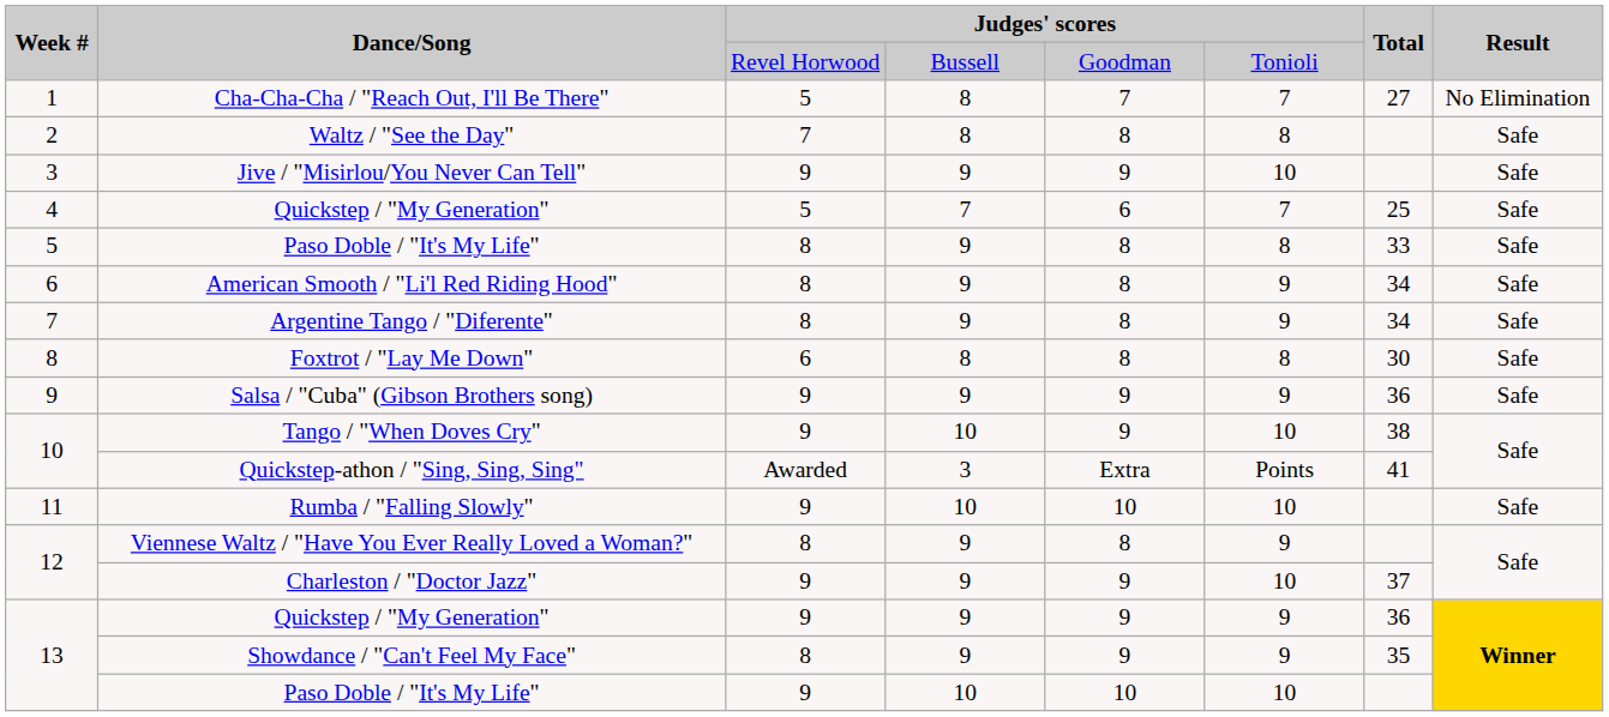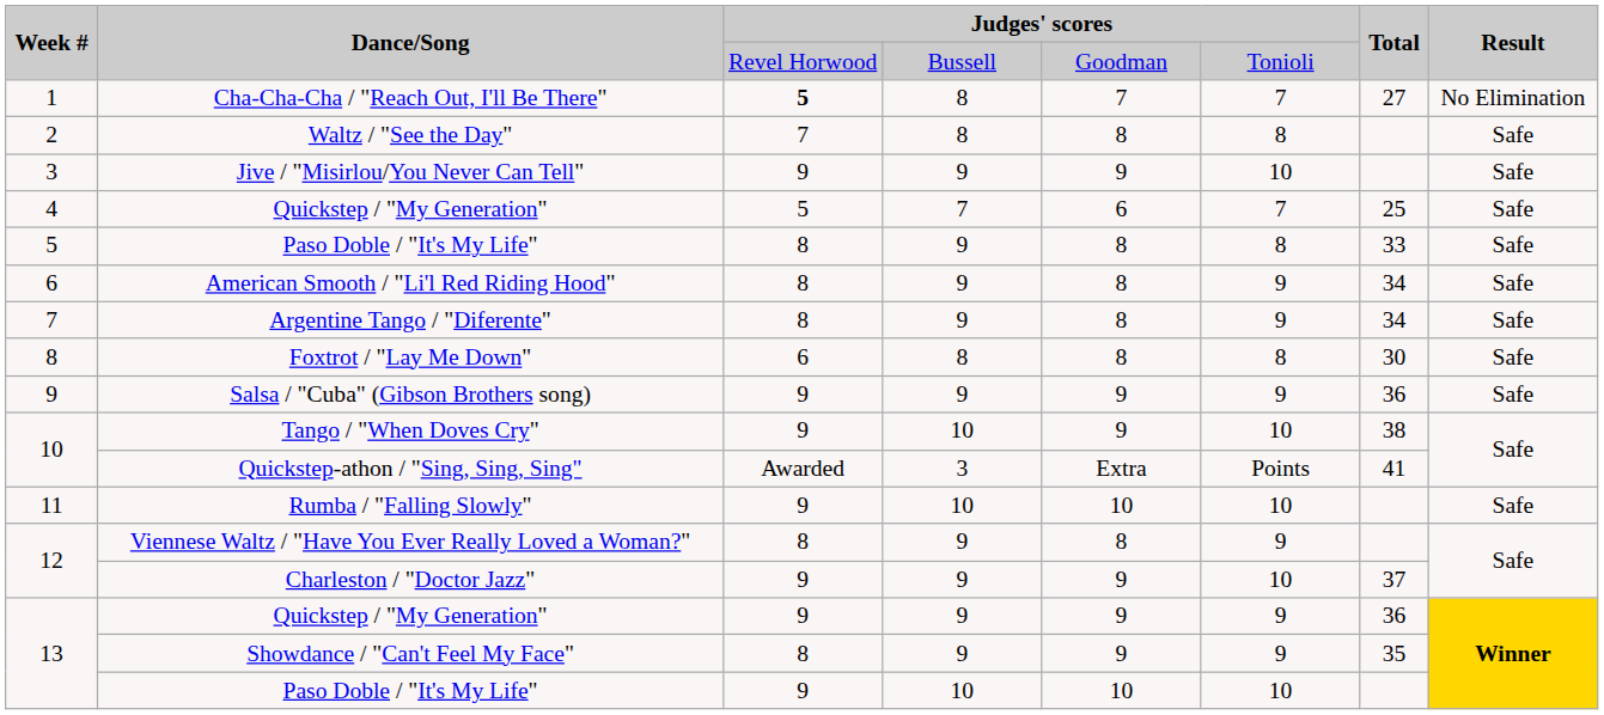 <table class="wikitable collapsible collapsed">
 <tr>
 <th rowspan="2"  style="background:#ccc; text-align:Center;"><strong>Week #</strong></th>
 <th rowspan="2"  style="background:#ccc; text-align:Center;"><strong>Dance</strong>/<strong>Song</strong></th>
 <th colspan="4"  style="background:#ccc; text-align:Center;"><strong>Judges' scores</strong></th>
 <th rowspan="2"  style="background:#ccc; text-align:Center;"><strong>Total</strong></th>
 <th rowspan="2"  style="background:#ccc; text-align:Center;"><strong>Result</strong></th>
 </tr>
 <tr>
 <td style="width:10%; background:#ccc; text-align:center;"><a href='#'>Revel Horwood</a></td>
 <td style="width:10%; background:#ccc; text-align:center;"><a href='#'>Bussell</a></td>
 <td style="width:10%; background:#ccc; text-align:center;"><a href='#'>Goodman</a></td>
 <td style="width:10%; background:#ccc; text-align:center;"><a href='#'>Tonioli</a></td>
 </tr>
 <tr>
 <td style="text-align:center; background:#faf6f6;">1</td>
 <td style="text-align:center; background:#faf6f6;"><a href='#'>Cha-Cha-Cha</a> / "<a href='#'>Reach Out, I'll Be There</a>"</td>
-<td style="text-align:center; background:#faf6f6;">5</td>
+<td style="text-align:center; background:#faf6f6;"><strong>5</strong></td>
 <td style="text-align:center; background:#faf6f6;">8</td>
 <td style="text-align:center; background:#faf6f6;">7</td>
 <td style="text-align:center; background:#faf6f6;">7</td>
 <td style="text-align:center; background:#faf6f6;">27</td>
 <td style="text-align:center; background:#faf6f6;">No Elimination</td>
 </tr>
 <tr style="text-align:center; background:#faf6f6;">
 <td>2</td>
 <td><a href='#'>Waltz</a> / "<a href='#'>See the Day</a>"</td>
 <td>7</td>
 <td>8</td>
 <td>8</td>
 <td>8</td>
 <td></td>
 <td>Safe</td>
 </tr>
 <tr>
 <td style="text-align:center; background:#faf6f6;">3</td>
 <td style="text-align:center; background:#faf6f6;"><a href='#'>Jive</a> / "<a href='#'>Misirlou</a>/<a href='#'>You Never Can Tell</a>"</td>
 <td style="text-align:center; background:#faf6f6;">9</td>
 <td style="text-align:center; background:#faf6f6;">9</td>
 <td style="text-align:center; background:#faf6f6;">9</td>
 <td style="text-align:center; background:#faf6f6;">10</td>
 <td style="text-align:center; background:#faf6f6;"></td>
 <td style="text-align:center; background:#faf6f6;">Safe</td>
 </tr>
 <tr style="text-align:center; background:#faf6f6;">
 <td>4</td>
 <td><a href='#'>Quickstep</a> / "<a href='#'>My Generation</a>"</td>
 <td>5</td>
 <td>7</td>
 <td>6</td>
 <td>7</td>
 <td>25</td>
 <td>Safe</td>
 </tr>
 <tr>
 <td style="text-align:center; background:#faf6f6;">5</td>
 <td style="text-align:center; background:#faf6f6;"><a href='#'>Paso Doble</a> / "<a href='#'>It's My Life</a>"</td>
 <td style="text-align:center; background:#faf6f6;">8</td>
 <td style="text-align:center; background:#faf6f6;">9</td>
 <td style="text-align:center; background:#faf6f6;">8</td>
 <td style="text-align:center; background:#faf6f6;">8</td>
 <td style="text-align:center; background:#faf6f6;">33</td>
 <td style="text-align:center; background:#faf6f6;">Safe</td>
 </tr>
 <tr style="text-align:center; background:#faf6f6;">
 <td>6</td>
 <td><a href='#'>American Smooth</a> / "<a href='#'>Li'l Red Riding Hood</a>"</td>
 <td>8</td>
 <td>9</td>
 <td>8</td>
 <td>9</td>
 <td>34</td>
 <td>Safe</td>
 </tr>
 <tr>
 <td style="text-align:center; background:#faf6f6;">7</td>
 <td style="text-align:center; background:#faf6f6;"><a href='#'>Argentine Tango</a> / "<a href='#'>Diferente</a>"</td>
 <td style="text-align:center; background:#faf6f6;">8</td>
 <td style="text-align:center; background:#faf6f6;">9</td>
 <td style="text-align:center; background:#faf6f6;">8</td>
 <td style="text-align:center; background:#faf6f6;">9</td>
 <td style="text-align:center; background:#faf6f6;">34</td>
 <td style="text-align:center; background:#faf6f6;">Safe</td>
 </tr>
 <tr>
 <td style="text-align:center; background:#faf6f6;">8</td>
 <td style="text-align:center; background:#faf6f6;"><a href='#'>Foxtrot</a> / "<a href='#'>Lay Me Down</a>"</td>
 <td style="text-align:center; background:#faf6f6;">6</td>
 <td style="text-align:center; background:#faf6f6;">8</td>
 <td style="text-align:center; background:#faf6f6;">8</td>
 <td style="text-align:center; background:#faf6f6;">8</td>
 <td style="text-align:center; background:#faf6f6;">30</td>
 <td style="text-align:center; background:#faf6f6;">Safe</td>
 </tr>
 <tr>
 <td style="text-align:center; background:#faf6f6;">9</td>
 <td style="text-align:center; background:#faf6f6;"><a href='#'>Salsa</a> / "Cuba" (<a href='#'>Gibson Brothers</a> song)</td>
 <td style="text-align:center; background:#faf6f6;">9</td>
 <td style="text-align:center; background:#faf6f6;">9</td>
 <td style="text-align:center; background:#faf6f6;">9</td>
 <td style="text-align:center; background:#faf6f6;">9</td>
 <td style="text-align:center; background:#faf6f6;">36</td>
 <td style="text-align:center; background:#faf6f6;">Safe</td>
 </tr>
 <tr>
 <td style="text-align:center; background:#faf6f6;" rowspan="2">10</td>
 <td style="text-align:center; background:#faf6f6;"><a href='#'>Tango</a> / "<a href='#'>When Doves Cry</a>"</td>
 <td style="text-align:center; background:#faf6f6;">9</td>
 <td style="text-align:center; background:#faf6f6;">10</td>
 <td style="text-align:center; background:#faf6f6;">9</td>
 <td style="text-align:center; background:#faf6f6;">10</td>
 <td style="text-align:center; background:#faf6f6;">38</td>
 <td style="text-align:center; background:#faf6f6;" rowspan="2">Safe</td>
 </tr>
 <tr>
 <td style="text-align:center; background:#faf6f6;"><a href='#'>Quickstep</a>-athon / "<a href='#'>Sing, Sing, Sing"</a></td>
 <td style="text-align:center; background:#faf6f6;">Awarded</td>
 <td style="text-align:center; background:#faf6f6;">3</td>
 <td style="text-align:center; background:#faf6f6;">Extra</td>
 <td style="text-align:center; background:#faf6f6;">Points</td>
 <td style="text-align:center; background:#faf6f6;">41</td>
 </tr>
 <tr>
 <td style="text-align:center; background:#faf6f6;">11</td>
 <td style="text-align:center; background:#faf6f6;"><a href='#'>Rumba</a> / "<a href='#'>Falling Slowly</a>"</td>
 <td style="text-align:center; background:#faf6f6;">9</td>
 <td style="text-align:center; background:#faf6f6;">10</td>
 <td style="text-align:center; background:#faf6f6;">10</td>
 <td style="text-align:center; background:#faf6f6;">10</td>
 <td style="text-align:center; background:#faf6f6;"></td>
 <td style="text-align:center; background:#faf6f6;">Safe</td>
 </tr>
 <tr>
 <td style="text-align:center; background:#faf6f6;" rowspan="2">12</td>
 <td style="text-align:center; background:#faf6f6;"><a href='#'>Viennese Waltz</a> / "<a href='#'>Have You Ever Really Loved a Woman?</a>"</td>
 <td style="text-align:center; background:#faf6f6;">8</td>
 <td style="text-align:center; background:#faf6f6;">9</td>
 <td style="text-align:center; background:#faf6f6;">8</td>
 <td style="text-align:center; background:#faf6f6;">9</td>
 <td style="text-align:center; background:#faf6f6;"></td>
 <td style="text-align:center; background:#faf6f6;" rowspan="2">Safe</td>
 </tr>
 <tr>
 <td style="text-align:center; background:#faf6f6;"><a href='#'>Charleston</a> / "<a href='#'>Doctor Jazz</a>"</td>
 <td style="text-align:center; background:#faf6f6;">9</td>
 <td style="text-align:center; background:#faf6f6;">9</td>
 <td style="text-align:center; background:#faf6f6;">9</td>
 <td style="text-align:center; background:#faf6f6;">10</td>
 <td style="text-align:center; background:#faf6f6;">37</td>
 </tr>
 <tr style="text-align:center;">
 <td style="background:#faf6f6;" rowspan="3">13</td>
 <td style="background:#faf6f6;"><a href='#'>Quickstep</a> / "<a href='#'>My Generation</a>"</td>
 <td style="background:#faf6f6;">9</td>
 <td style="background:#faf6f6;">9</td>
 <td style="background:#faf6f6;">9</td>
 <td style="background:#faf6f6;">9</td>
 <td style="background:#faf6f6;">36</td>
 <td rowspan="3" style="background-color:#faf6f6; background-color:gold;"><strong>Winner</strong></td>
 </tr>
 <tr>
 <td style="text-align:center; background:#faf6f6;"><a href='#'>Showdance</a> / "<a href='#'>Can't Feel My Face</a>"</td>
 <td style="text-align:center; background:#faf6f6;">8</td>
 <td style="text-align:center; background:#faf6f6;">9</td>
 <td style="text-align:center; background:#faf6f6;">9</td>
 <td style="text-align:center; background:#faf6f6;">9</td>
 <td style="text-align:center; background:#faf6f6;">35</td>
 </tr>
 <tr>
 <td style="text-align:center; background:#faf6f6;"><a href='#'>Paso Doble</a> / "<a href='#'>It's My Life</a>"</td>
 <td style="text-align:center; background:#faf6f6;">9</td>
 <td style="text-align:center; background:#faf6f6;">10</td>
 <td style="text-align:center; background:#faf6f6;">10</td>
 <td style="text-align:center; background:#faf6f6;">10</td>
 <td style="text-align:center; background:#faf6f6;"></td>
 </tr>
 </table>
